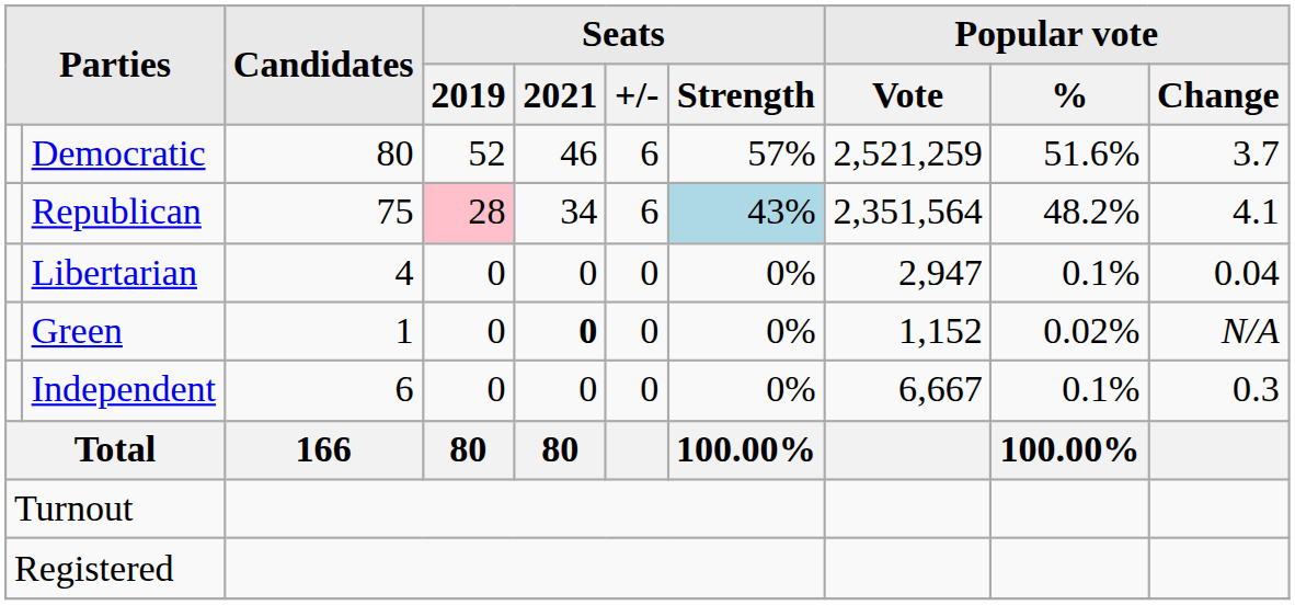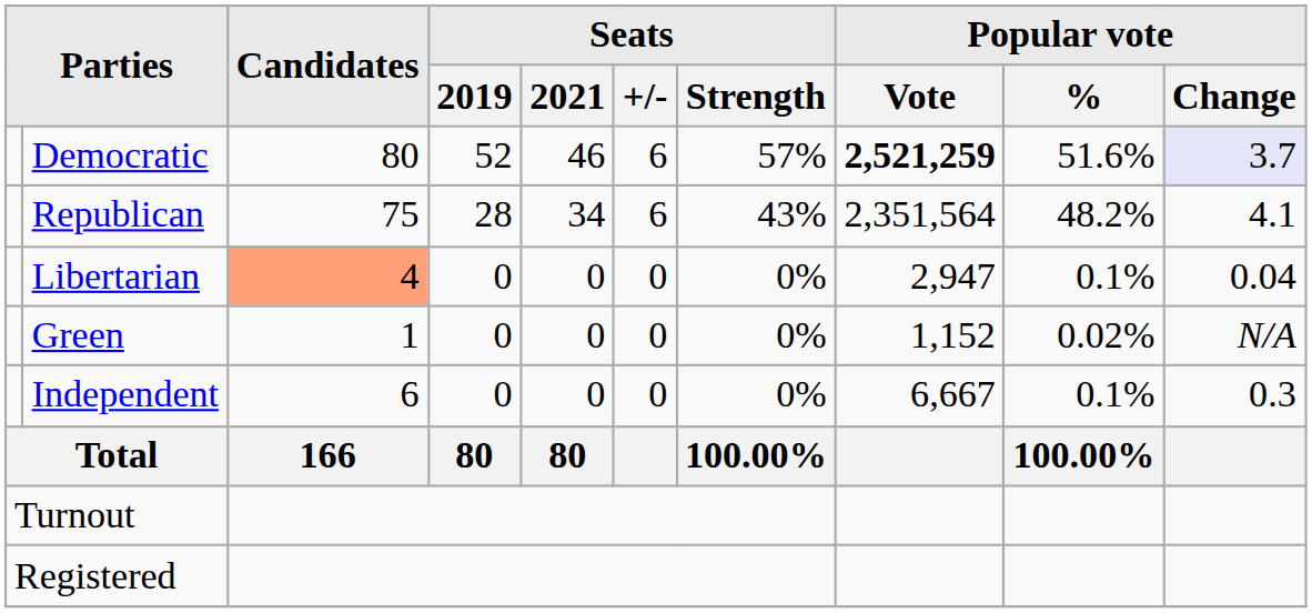 <table class=wikitable>
 <tr>
 <th style="background-color:#E9E9E9" align=center rowspan= 2 colspan=2>Parties</th>
 <th style="background-color:#E9E9E9" align=center rowspan= 2>Candidates</th>
 <th style="background-color:#E9E9E9" align=center colspan=4>Seats</th>
 <th style="background-color:#E9E9E9" align=center colspan=3>Popular vote</th>
 </tr>
 <tr>
 <th align=center>2019</th>
 <th align=center>2021</th>
 <th align=center>+/-</th>
 <th align=center>Strength</th>
 <th align=center>Vote</th>
 <th align=center>%</th>
 <th align=center>Change</th>
 </tr>
 <tr>
 <td></td>
 <td align=left><a href='#'>Democratic</a></td>
 <td align=right>80</td>
 <td align=right>52</td>
 <td align=right>46</td>
 <td align=right> 6</td>
 <td align=right>57%</td>
-<td align=right>2,521,259</td>
+<td align=right><strong>2,521,259</strong></td>
 <td align=right>51.6%</td>
-<td align=right> 3.7</td>
+<td align=right style="background: lavender;"> 3.7</td>
 </tr>
 <tr>
 <td></td>
 <td align=left><a href='#'>Republican</a></td>
 <td align=right>75</td>
-<td align=right style="background: pink;">28</td>
+<td align=right>28</td>
 <td align=right>34</td>
 <td align=right> 6</td>
-<td align=right style="background: lightblue;">43%</td>
+<td align=right>43%</td>
 <td align=right>2,351,564</td>
 <td align=right>48.2%</td>
 <td align=right> 4.1</td>
 </tr>
 <tr>
 <td></td>
 <td><a href='#'>Libertarian</a></td>
-<td align=right>4</td>
+<td align=right style="background: lightsalmon;">4</td>
 <td align=right>0</td>
 <td align=right>0</td>
 <td align=right> 0</td>
 <td align=right>0%</td>
 <td align=right>2,947</td>
 <td align=right>0.1%</td>
 <td align=right> 0.04</td>
 </tr>
 <tr>
 <td></td>
 <td><a href='#'>Green</a></td>
 <td align=right>1</td>
 <td align=right>0</td>
-<td align=right><strong>0</strong></td>
+<td align=right>0</td>
 <td align=right> 0</td>
 <td align=right>0%</td>
 <td align=right>1,152</td>
 <td align=right>0.02%</td>
 <td align=right><em>N/A</em></td>
 </tr>
 <tr>
 <td></td>
 <td><a href='#'>Independent</a></td>
 <td align=right>6</td>
 <td align=right>0</td>
 <td align=right>0</td>
 <td align=right> 0</td>
 <td align=right>0%</td>
 <td align=right>6,667</td>
 <td align=right>0.1%</td>
 <td align=right> 0.3</td>
 </tr>
 <tr>
 <th align=center colspan="2">Total</th>
 <th align=center>166</th>
 <th align=center>80</th>
 <th align=center>80</th>
 <th align=center></th>
 <th align=center>100.00%</th>
 <th align=center></th>
 <th align=center>100.00%</th>
 <th align=center></th>
 </tr>
 <tr>
 <td align=left colspan="2">Turnout</td>
 <td colspan=5></td>
 <td align=right></td>
 <td align=right></td>
 <td align=right></td>
 </tr>
 <tr>
 <td align=left colspan="2">Registered</td>
 <td colspan=5></td>
 <td align=right></td>
 <td align=right></td>
 <td align=right></td>
 </tr>
 <tr>
 </tr>
 </table>
